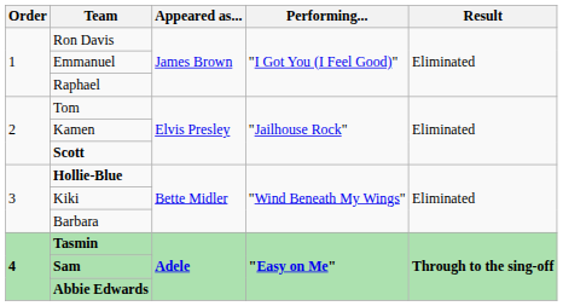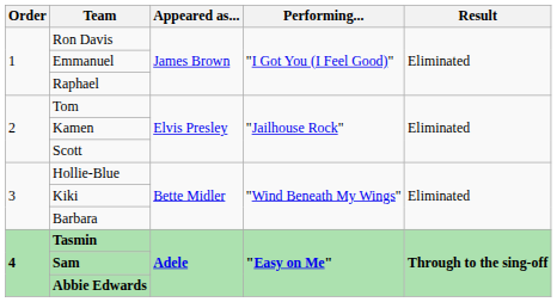 <table class="wikitable">
 <tr>
 <th>Order</th>
 <th>Team</th>
 <th>Appeared as...</th>
 <th>Performing...</th>
 <th>Result</th>
 </tr>
 <tr>
 <td rowspan="3">1</td>
 <td>Ron Davis</td>
 <td rowspan="3"><a href='#'>James Brown</a></td>
 <td rowspan="3">"<a href='#'>I Got You (I Feel Good)</a>"</td>
 <td rowspan="3">Eliminated</td>
 </tr>
 <tr>
 <td>Emmanuel</td>
 </tr>
 <tr>
 <td>Raphael</td>
 </tr>
 <tr>
 <td rowspan="3">2</td>
 <td>Tom</td>
 <td rowspan="3"><a href='#'>Elvis Presley</a></td>
 <td rowspan="3">"<a href='#'>Jailhouse Rock</a>"</td>
 <td rowspan="3">Eliminated</td>
 </tr>
 <tr>
 <td>Kamen</td>
 </tr>
 <tr>
-<td><strong>Scott</strong></td>
+<td>Scott</td>
 </tr>
 <tr>
 <td rowspan="3">3</td>
-<td><strong>Hollie-Blue</strong></td>
+<td>Hollie-Blue</td>
 <td rowspan="3"><a href='#'>Bette Midler</a></td>
 <td rowspan="3">"<a href='#'>Wind Beneath My Wings</a>"</td>
 <td rowspan="3">Eliminated</td>
 </tr>
 <tr>
 <td>Kiki</td>
 </tr>
 <tr>
 <td>Barbara</td>
 </tr>
 <tr>
 <td rowspan="3" style="background:#ACE1AF;"><strong>4</strong></td>
 <td style="background:#ACE1AF;"><strong>Tasmin</strong></td>
 <td rowspan="3" style="background:#ACE1AF;"><strong><a href='#'>Adele</a></strong></td>
 <td rowspan="3" style="background:#ACE1AF;"><strong>"<a href='#'>Easy on Me</a>"</strong></td>
 <td rowspan="3" style="background:#ACE1AF;"><strong>Through to the sing-off</strong></td>
 </tr>
 <tr>
 <td style="background:#ACE1AF;"><strong>Sam</strong></td>
 </tr>
 <tr>
 <td style="background:#ACE1AF;"><strong>Abbie Edwards</strong></td>
 </tr>
 </table>
